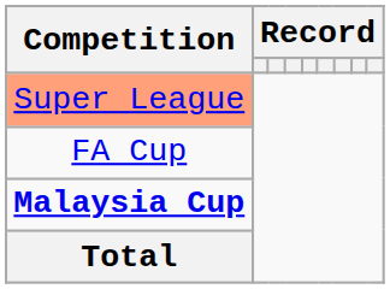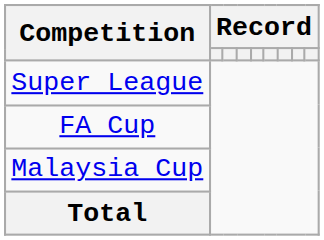 <table class="wikitable" style="text-align: center">
 <tr>
 <th rowspan=2>Competition</th>
 <th colspan=8>Record</th>
 </tr>
 <tr>
 <th></th>
 <th></th>
 <th></th>
 <th></th>
 <th></th>
 <th></th>
 <th></th>
 <th></th>
 </tr>
 <tr>
-<td style="background: lightsalmon;"><a href='#'>Super League</a><br></td>
+<td><a href='#'>Super League</a><br></td>
 </tr>
 <tr>
 <td><a href='#'>FA Cup</a><br></td>
 </tr>
 <tr>
-<td><strong><a href='#'>Malaysia Cup</a><br></strong></td>
+<td><a href='#'>Malaysia Cup</a><br></td>
 </tr>
 <tr>
 <th>Total<br></th>
 </tr>
 </table>
